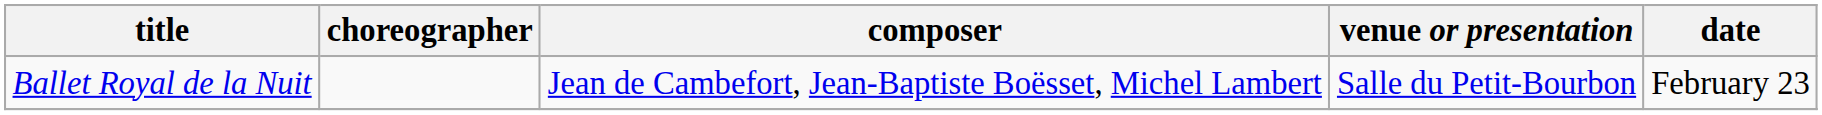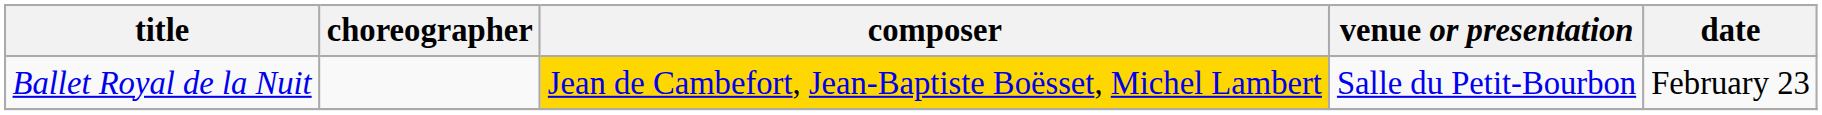 <table class="wikitable sortable">
 <tr>
 <th>title</th>
 <th>choreographer</th>
 <th>composer</th>
 <th>venue <em>or presentation</em></th>
 <th>date</th>
 </tr>
 <tr>
 <td><em><a href='#'>Ballet Royal de la Nuit</a></em></td>
 <td></td>
-<td><a href='#'>Jean de Cambefort</a>, <a href='#'>Jean-Baptiste Boësset</a>, <a href='#'>Michel Lambert</a></td>
+<td style="background: gold;"><a href='#'>Jean de Cambefort</a>, <a href='#'>Jean-Baptiste Boësset</a>, <a href='#'>Michel Lambert</a></td>
 <td><a href='#'>Salle du Petit-Bourbon</a></td>
 <td>February 23</td>
 </tr>
 <tr>
 </tr>
 </table>
